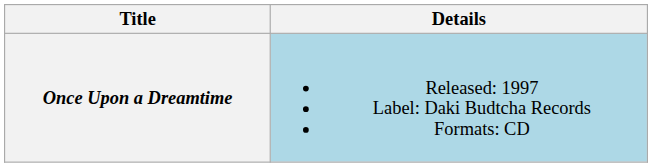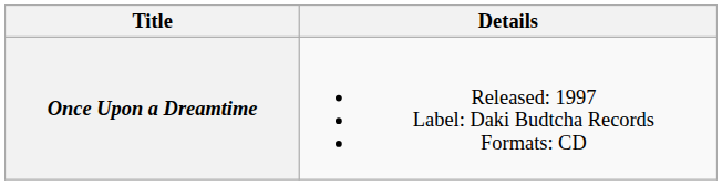 <table class="wikitable plainrowheaders" style="text-align:center;" border="1">
 <tr>
 <th scope="col" style="width:14em;">Title</th>
 <th scope="col" style="width:20em;">Details</th>
 </tr>
 <tr>
 <th scope="row"><em>Once Upon a Dreamtime</em></th>
-<td style="background: lightblue;"><br><ul><li>Released: 1997</li><li>Label: Daki Budtcha Records</li><li>Formats: CD</li></ul></td>
+<td><br><ul><li>Released: 1997</li><li>Label: Daki Budtcha Records</li><li>Formats: CD</li></ul></td>
 </tr>
 </table>
